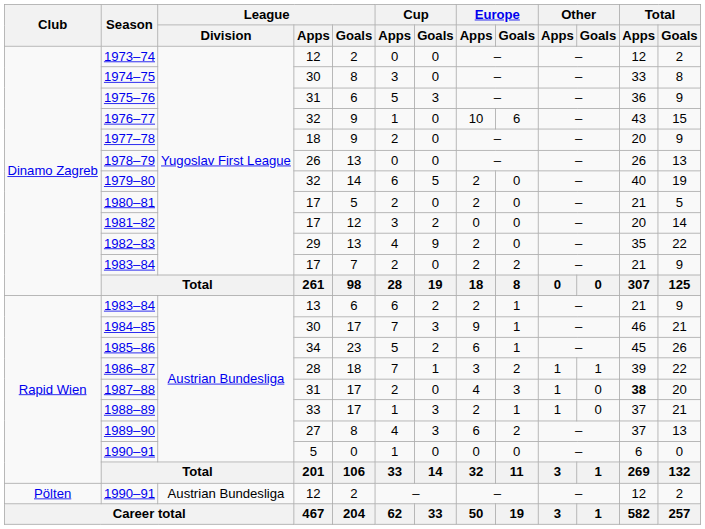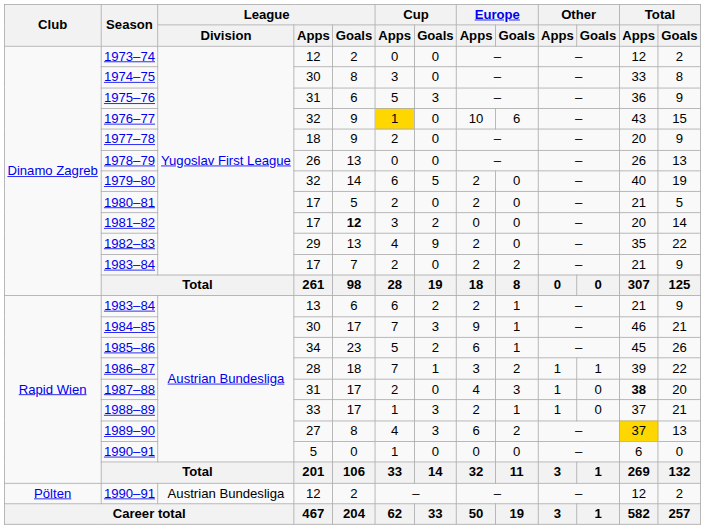 <table class="wikitable" style="text-align:center">
 <tr>
 <th rowspan="2">Club</th>
 <th rowspan="2">Season</th>
 <th colspan="3">League</th>
 <th colspan="2">Cup</th>
 <th colspan="2"><a href='#'>Europe</a></th>
 <th colspan="2">Other</th>
 <th colspan="2">Total</th>
 </tr>
 <tr>
 <th>Division</th>
 <th>Apps</th>
 <th>Goals</th>
 <th>Apps</th>
 <th>Goals</th>
 <th>Apps</th>
 <th>Goals</th>
 <th>Apps</th>
 <th>Goals</th>
 <th>Apps</th>
 <th>Goals</th>
 </tr>
 <tr>
 <td rowspan="12"><a href='#'>Dinamo Zagreb</a></td>
 <td><a href='#'>1973–74</a></td>
 <td rowspan="11"><a href='#'>Yugoslav First League</a></td>
 <td>12</td>
 <td>2</td>
 <td>0</td>
 <td>0</td>
 <td colspan="2">–</td>
 <td colspan="2">–</td>
 <td>12</td>
 <td>2</td>
 </tr>
 <tr>
 <td><a href='#'>1974–75</a></td>
 <td>30</td>
 <td>8</td>
 <td>3</td>
 <td>0</td>
 <td colspan="2">–</td>
 <td colspan="2">–</td>
 <td>33</td>
 <td>8</td>
 </tr>
 <tr>
 <td><a href='#'>1975–76</a></td>
 <td>31</td>
 <td>6</td>
 <td>5</td>
 <td>3</td>
 <td colspan="2">–</td>
 <td colspan="2">–</td>
 <td>36</td>
 <td>9</td>
 </tr>
 <tr>
 <td><a href='#'>1976–77</a></td>
 <td>32</td>
 <td>9</td>
-<td>1</td>
+<td style="background: gold;">1</td>
 <td>0</td>
 <td>10</td>
 <td>6</td>
 <td colspan="2">–</td>
 <td>43</td>
 <td>15</td>
 </tr>
 <tr>
 <td><a href='#'>1977–78</a></td>
 <td>18</td>
 <td>9</td>
 <td>2</td>
 <td>0</td>
 <td colspan="2">–</td>
 <td colspan="2">–</td>
 <td>20</td>
 <td>9</td>
 </tr>
 <tr>
 <td><a href='#'>1978–79</a></td>
 <td>26</td>
 <td>13</td>
 <td>0</td>
 <td>0</td>
 <td colspan="2">–</td>
 <td colspan="2">–</td>
 <td>26</td>
 <td>13</td>
 </tr>
 <tr>
 <td><a href='#'>1979–80</a></td>
 <td>32</td>
 <td>14</td>
 <td>6</td>
 <td>5</td>
 <td>2</td>
 <td>0</td>
 <td colspan="2">–</td>
 <td>40</td>
 <td>19</td>
 </tr>
 <tr>
 <td><a href='#'>1980–81</a></td>
 <td>17</td>
 <td>5</td>
 <td>2</td>
 <td>0</td>
 <td>2</td>
 <td>0</td>
 <td colspan="2">–</td>
 <td>21</td>
 <td>5</td>
 </tr>
 <tr>
 <td><a href='#'>1981–82</a></td>
 <td>17</td>
-<td>12</td>
+<td><strong>12</strong></td>
 <td>3</td>
 <td>2</td>
 <td>0</td>
 <td>0</td>
 <td colspan="2">–</td>
 <td>20</td>
 <td>14</td>
 </tr>
 <tr>
 <td><a href='#'>1982–83</a></td>
 <td>29</td>
 <td>13</td>
 <td>4</td>
 <td>9</td>
 <td>2</td>
 <td>0</td>
 <td colspan="2">–</td>
 <td>35</td>
 <td>22</td>
 </tr>
 <tr>
 <td><a href='#'>1983–84</a></td>
 <td>17</td>
 <td>7</td>
 <td>2</td>
 <td>0</td>
 <td>2</td>
 <td>2</td>
 <td colspan="2">–</td>
 <td>21</td>
 <td>9</td>
 </tr>
 <tr>
 <th colspan="2">Total</th>
 <th>261</th>
 <th>98</th>
 <th>28</th>
 <th>19</th>
 <th>18</th>
 <th>8</th>
 <th>0</th>
 <th>0</th>
 <th>307</th>
 <th>125</th>
 </tr>
 <tr>
 <td rowspan="9"><a href='#'>Rapid Wien</a></td>
 <td><a href='#'>1983–84</a></td>
 <td rowspan="8"><a href='#'>Austrian Bundesliga</a></td>
 <td>13</td>
 <td>6</td>
 <td>6</td>
 <td>2</td>
 <td>2</td>
 <td>1</td>
 <td colspan="2">–</td>
 <td>21</td>
 <td>9</td>
 </tr>
 <tr>
 <td><a href='#'>1984–85</a></td>
 <td>30</td>
 <td>17</td>
 <td>7</td>
 <td>3</td>
 <td>9</td>
 <td>1</td>
 <td colspan="2">–</td>
 <td>46</td>
 <td>21</td>
 </tr>
 <tr>
 <td><a href='#'>1985–86</a></td>
 <td>34</td>
 <td>23</td>
 <td>5</td>
 <td>2</td>
 <td>6</td>
 <td>1</td>
 <td colspan="2">–</td>
 <td>45</td>
 <td>26</td>
 </tr>
 <tr>
 <td><a href='#'>1986–87</a></td>
 <td>28</td>
 <td>18</td>
 <td>7</td>
 <td>1</td>
 <td>3</td>
 <td>2</td>
 <td>1</td>
 <td>1</td>
 <td>39</td>
 <td>22</td>
 </tr>
 <tr>
 <td><a href='#'>1987–88</a></td>
 <td>31</td>
 <td>17</td>
 <td>2</td>
 <td>0</td>
 <td>4</td>
 <td>3</td>
 <td>1</td>
 <td>0</td>
 <td><strong>38</strong></td>
 <td>20</td>
 </tr>
 <tr>
 <td><a href='#'>1988–89</a></td>
 <td>33</td>
 <td>17</td>
 <td>1</td>
 <td>3</td>
 <td>2</td>
 <td>1</td>
 <td>1</td>
 <td>0</td>
 <td>37</td>
 <td>21</td>
 </tr>
 <tr>
 <td><a href='#'>1989–90</a></td>
 <td>27</td>
 <td>8</td>
 <td>4</td>
 <td>3</td>
 <td>6</td>
 <td>2</td>
 <td colspan="2">–</td>
-<td>37</td>
+<td style="background: gold;">37</td>
 <td>13</td>
 </tr>
 <tr>
 <td><a href='#'>1990–91</a></td>
 <td>5</td>
 <td>0</td>
 <td>1</td>
 <td>0</td>
 <td>0</td>
 <td>0</td>
 <td colspan="2">–</td>
 <td>6</td>
 <td>0</td>
 </tr>
 <tr>
 <th colspan="2">Total</th>
 <th>201</th>
 <th>106</th>
 <th>33</th>
 <th>14</th>
 <th>32</th>
 <th>11</th>
 <th>3</th>
 <th>1</th>
 <th>269</th>
 <th>132</th>
 </tr>
 <tr>
 <td><a href='#'>Pölten</a></td>
 <td><a href='#'>1990–91</a></td>
 <td>Austrian Bundesliga</td>
 <td>12</td>
 <td>2</td>
 <td colspan="2">–</td>
 <td colspan="2">–</td>
 <td colspan="2">–</td>
 <td>12</td>
 <td>2</td>
 </tr>
 <tr>
 <th colspan="3">Career total</th>
 <th>467</th>
 <th>204</th>
 <th>62</th>
 <th>33</th>
 <th>50</th>
 <th>19</th>
 <th>3</th>
 <th>1</th>
 <th>582</th>
 <th>257</th>
 </tr>
 </table>
